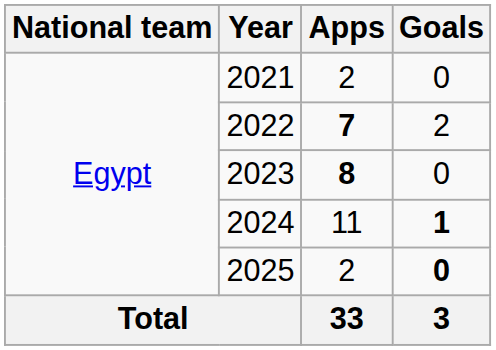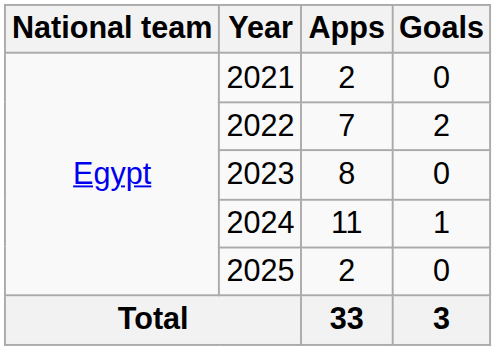 <table class=wikitable style=text-align:center>
 <tr>
 <th>National team</th>
 <th>Year</th>
 <th>Apps</th>
 <th>Goals</th>
 </tr>
 <tr>
 <td rowspan="5"><a href='#'>Egypt</a></td>
 <td>2021</td>
 <td>2</td>
 <td>0</td>
 </tr>
 <tr>
 <td>2022</td>
-<td><strong>7</strong></td>
+<td>7</td>
 <td>2</td>
 </tr>
 <tr>
 <td>2023</td>
-<td><strong>8</strong></td>
+<td>8</td>
 <td>0</td>
 </tr>
 <tr>
 <td>2024</td>
 <td>11</td>
-<td><strong>1</strong></td>
+<td>1</td>
 </tr>
 <tr>
 <td>2025</td>
 <td>2</td>
-<td><strong>0</strong></td>
+<td>0</td>
 </tr>
 <tr>
 <th colspan="2">Total</th>
 <th>33</th>
 <th>3</th>
 </tr>
 </table>
